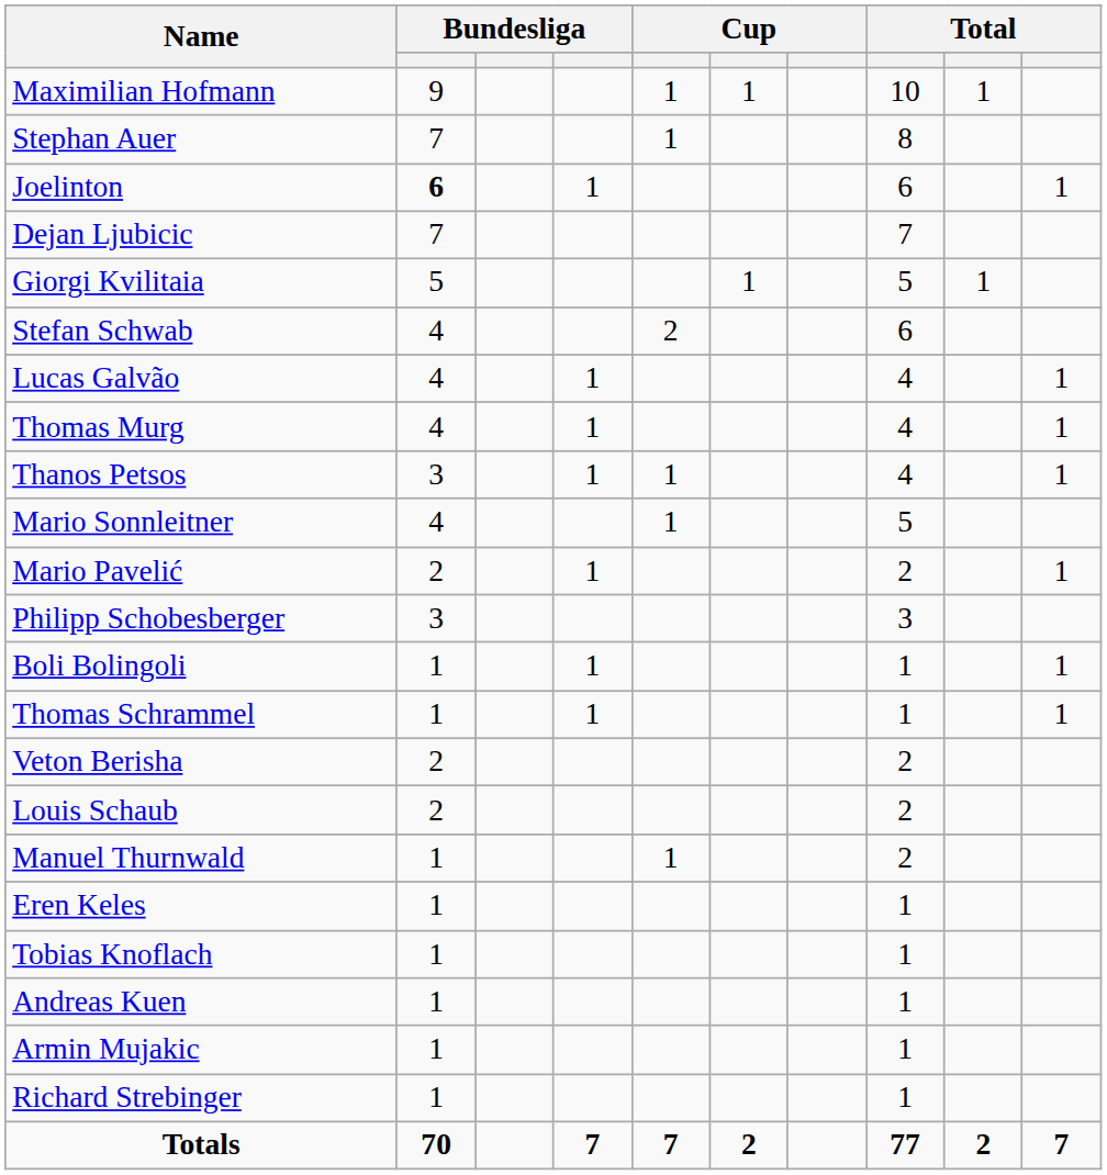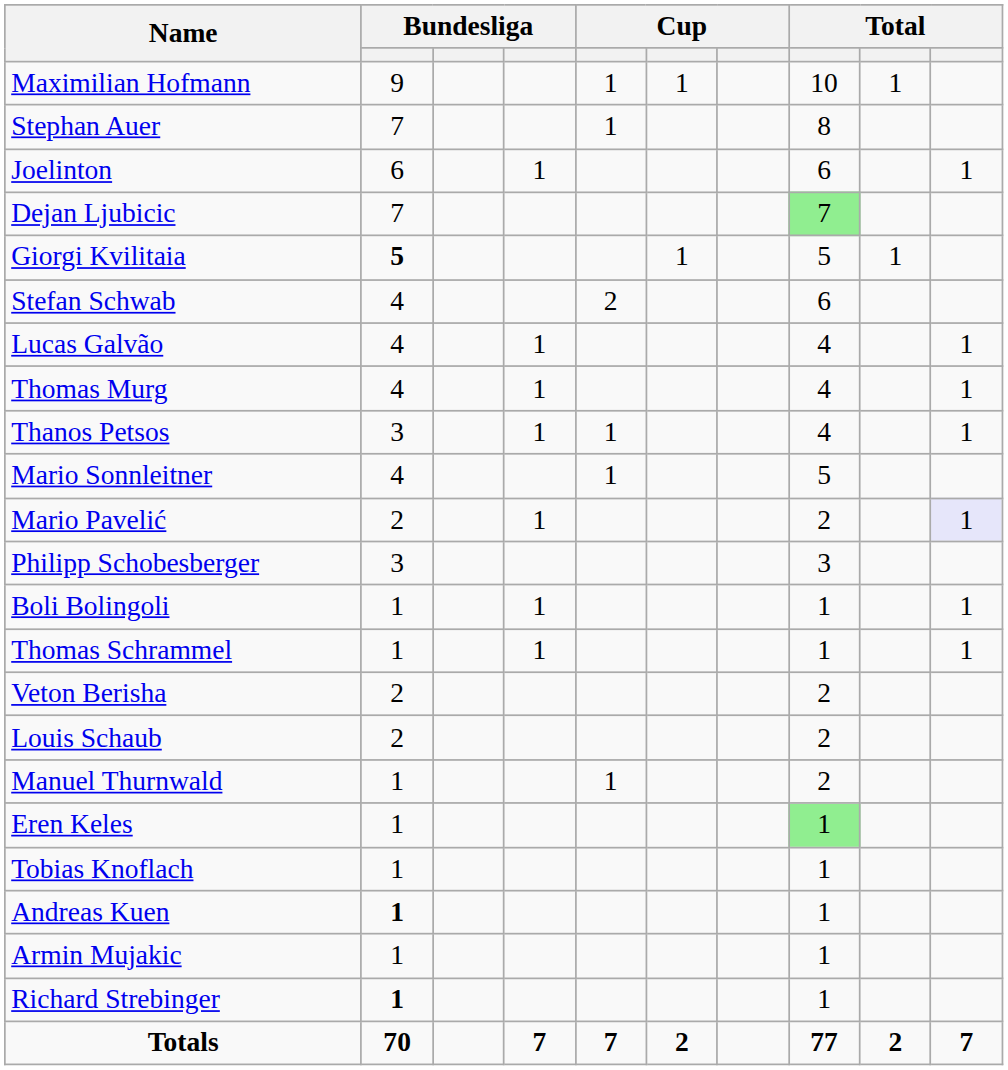 <table class="wikitable" style="text-align:center;">
 <tr>
 <th rowspan="2" width="200px">Name</th>
 <th colspan="3">Bundesliga</th>
 <th colspan="3">Cup</th>
 <th colspan="3">Total</th>
 </tr>
 <tr>
 <th style="width:34px;"></th>
 <th style="width:34px;"></th>
 <th style="width:34px;"></th>
 <th style="width:34px;"></th>
 <th style="width:34px;"></th>
 <th style="width:34px;"></th>
 <th style="width:34px;"></th>
 <th style="width:34px;"></th>
 <th style="width:34px;"></th>
 </tr>
 <tr>
 <td align="left"> <a href='#'>Maximilian Hofmann</a></td>
 <td>9</td>
 <td></td>
 <td></td>
 <td>1</td>
 <td>1</td>
 <td></td>
 <td>10</td>
 <td>1</td>
 <td></td>
 </tr>
 <tr>
 <td align="left"> <a href='#'>Stephan Auer</a></td>
 <td>7</td>
 <td></td>
 <td></td>
 <td>1</td>
 <td></td>
 <td></td>
 <td>8</td>
 <td></td>
 <td></td>
 </tr>
 <tr>
 <td align="left"> <a href='#'>Joelinton</a></td>
-<td><strong>6</strong></td>
+<td>6</td>
 <td></td>
 <td>1</td>
 <td></td>
 <td></td>
 <td></td>
 <td>6</td>
 <td></td>
 <td>1</td>
 </tr>
 <tr>
 <td align="left"> <a href='#'>Dejan Ljubicic</a></td>
 <td>7</td>
 <td></td>
 <td></td>
 <td></td>
 <td></td>
 <td></td>
-<td>7</td>
+<td style="background: lightgreen;">7</td>
 <td></td>
 <td></td>
 </tr>
 <tr>
 <td align="left"> <a href='#'>Giorgi Kvilitaia</a></td>
-<td>5</td>
+<td><strong>5</strong></td>
 <td></td>
 <td></td>
 <td></td>
 <td>1</td>
 <td></td>
 <td>5</td>
 <td>1</td>
 <td></td>
 </tr>
 <tr>
 <td align="left"> <a href='#'>Stefan Schwab</a></td>
 <td>4</td>
 <td></td>
 <td></td>
 <td>2</td>
 <td></td>
 <td></td>
 <td>6</td>
 <td></td>
 <td></td>
 </tr>
 <tr>
 <td align="left"> <a href='#'>Lucas Galvão</a></td>
 <td>4</td>
 <td></td>
 <td>1</td>
 <td></td>
 <td></td>
 <td></td>
 <td>4</td>
 <td></td>
 <td>1</td>
 </tr>
 <tr>
 <td align="left"> <a href='#'>Thomas Murg</a></td>
 <td>4</td>
 <td></td>
 <td>1</td>
 <td></td>
 <td></td>
 <td></td>
 <td>4</td>
 <td></td>
 <td>1</td>
 </tr>
 <tr>
 <td align="left"> <a href='#'>Thanos Petsos</a></td>
 <td>3</td>
 <td></td>
 <td>1</td>
 <td>1</td>
 <td></td>
 <td></td>
 <td>4</td>
 <td></td>
 <td>1</td>
 </tr>
 <tr>
 <td align="left"> <a href='#'>Mario Sonnleitner</a></td>
 <td>4</td>
 <td></td>
 <td></td>
 <td>1</td>
 <td></td>
 <td></td>
 <td>5</td>
 <td></td>
 <td></td>
 </tr>
 <tr>
 <td align="left"> <a href='#'>Mario Pavelić</a></td>
 <td>2</td>
 <td></td>
 <td>1</td>
 <td></td>
 <td></td>
 <td></td>
 <td>2</td>
 <td></td>
-<td>1</td>
+<td style="background: lavender;">1</td>
 </tr>
 <tr>
 <td align="left"> <a href='#'>Philipp Schobesberger</a></td>
 <td>3</td>
 <td></td>
 <td></td>
 <td></td>
 <td></td>
 <td></td>
 <td>3</td>
 <td></td>
 <td></td>
 </tr>
 <tr>
 <td align="left"> <a href='#'>Boli Bolingoli</a></td>
 <td>1</td>
 <td></td>
 <td>1</td>
 <td></td>
 <td></td>
 <td></td>
 <td>1</td>
 <td></td>
 <td>1</td>
 </tr>
 <tr>
 <td align="left"> <a href='#'>Thomas Schrammel</a></td>
 <td>1</td>
 <td></td>
 <td>1</td>
 <td></td>
 <td></td>
 <td></td>
 <td>1</td>
 <td></td>
 <td>1</td>
 </tr>
 <tr>
 <td align="left"> <a href='#'>Veton Berisha</a></td>
 <td>2</td>
 <td></td>
 <td></td>
 <td></td>
 <td></td>
 <td></td>
 <td>2</td>
 <td></td>
 <td></td>
 </tr>
 <tr>
 <td align="left"> <a href='#'>Louis Schaub</a></td>
 <td>2</td>
 <td></td>
 <td></td>
 <td></td>
 <td></td>
 <td></td>
 <td>2</td>
 <td></td>
 <td></td>
 </tr>
 <tr>
 <td align="left"> <a href='#'>Manuel Thurnwald</a></td>
 <td>1</td>
 <td></td>
 <td></td>
 <td>1</td>
 <td></td>
 <td></td>
 <td>2</td>
 <td></td>
 <td></td>
 </tr>
 <tr>
 <td align="left"> <a href='#'>Eren Keles</a></td>
 <td>1</td>
 <td></td>
 <td></td>
 <td></td>
 <td></td>
 <td></td>
-<td>1</td>
+<td style="background: lightgreen;">1</td>
 <td></td>
 <td></td>
 </tr>
 <tr>
 <td align="left"> <a href='#'>Tobias Knoflach</a></td>
 <td>1</td>
 <td></td>
 <td></td>
 <td></td>
 <td></td>
 <td></td>
 <td>1</td>
 <td></td>
 <td></td>
 </tr>
 <tr>
 <td align="left"> <a href='#'>Andreas Kuen</a></td>
-<td>1</td>
+<td><strong>1</strong></td>
 <td></td>
 <td></td>
 <td></td>
 <td></td>
 <td></td>
 <td>1</td>
 <td></td>
 <td></td>
 </tr>
 <tr>
 <td align="left"> <a href='#'>Armin Mujakic</a></td>
 <td>1</td>
 <td></td>
 <td></td>
 <td></td>
 <td></td>
 <td></td>
 <td>1</td>
 <td></td>
 <td></td>
 </tr>
 <tr>
 <td align="left"> <a href='#'>Richard Strebinger</a></td>
-<td>1</td>
+<td><strong>1</strong></td>
 <td></td>
 <td></td>
 <td></td>
 <td></td>
 <td></td>
 <td>1</td>
 <td></td>
 <td></td>
 </tr>
 <tr>
 <td><strong>Totals</strong></td>
 <td><strong>70</strong></td>
 <td></td>
 <td><strong>7</strong></td>
 <td><strong>7</strong></td>
 <td><strong>2</strong></td>
 <td></td>
 <td><strong>77</strong></td>
 <td><strong>2</strong></td>
 <td><strong>7</strong></td>
 </tr>
 </table>
